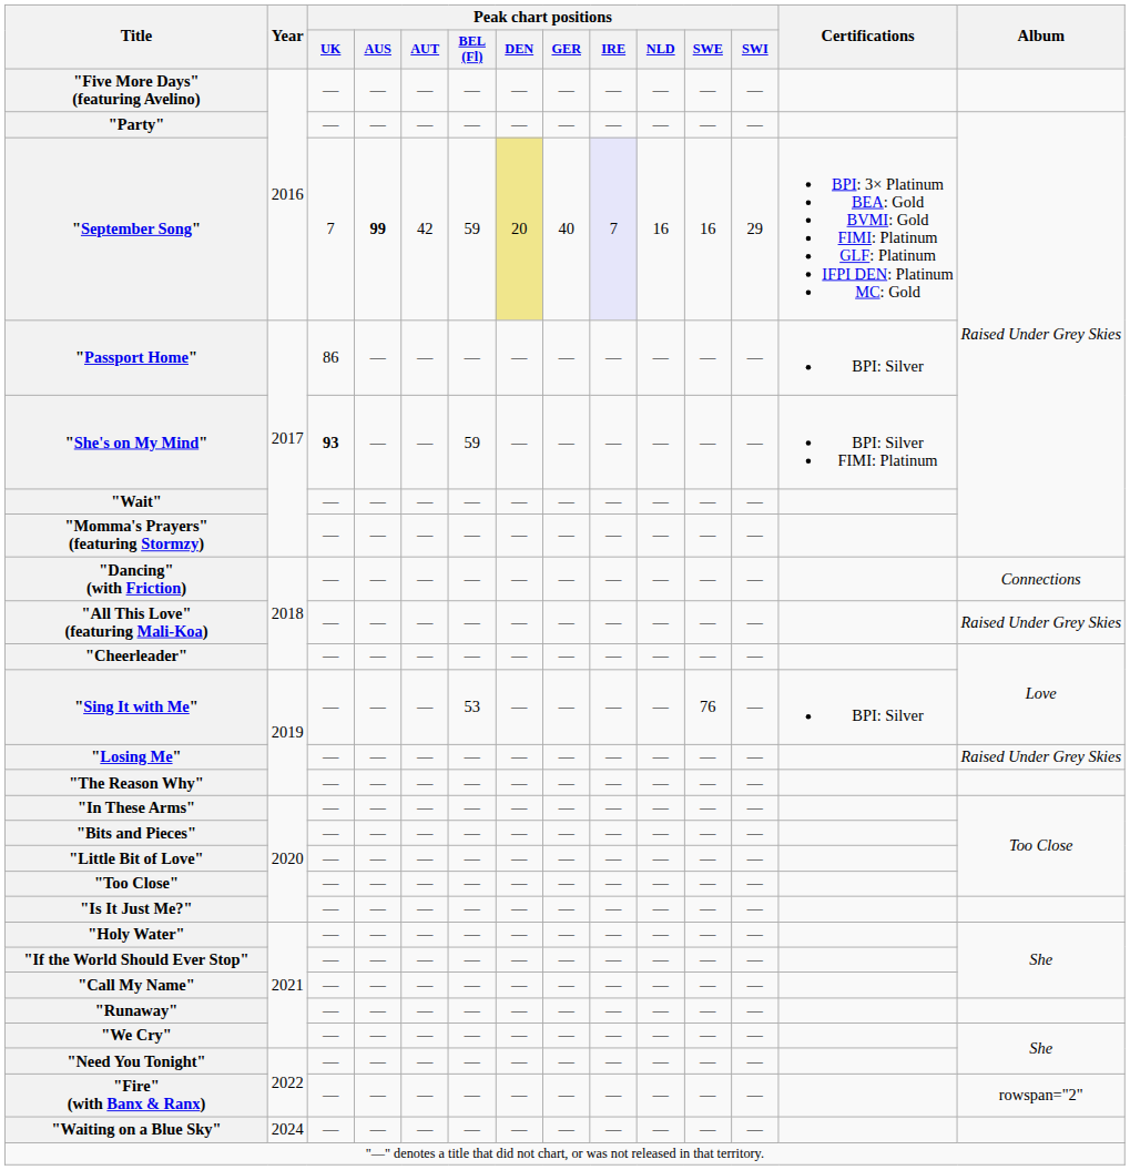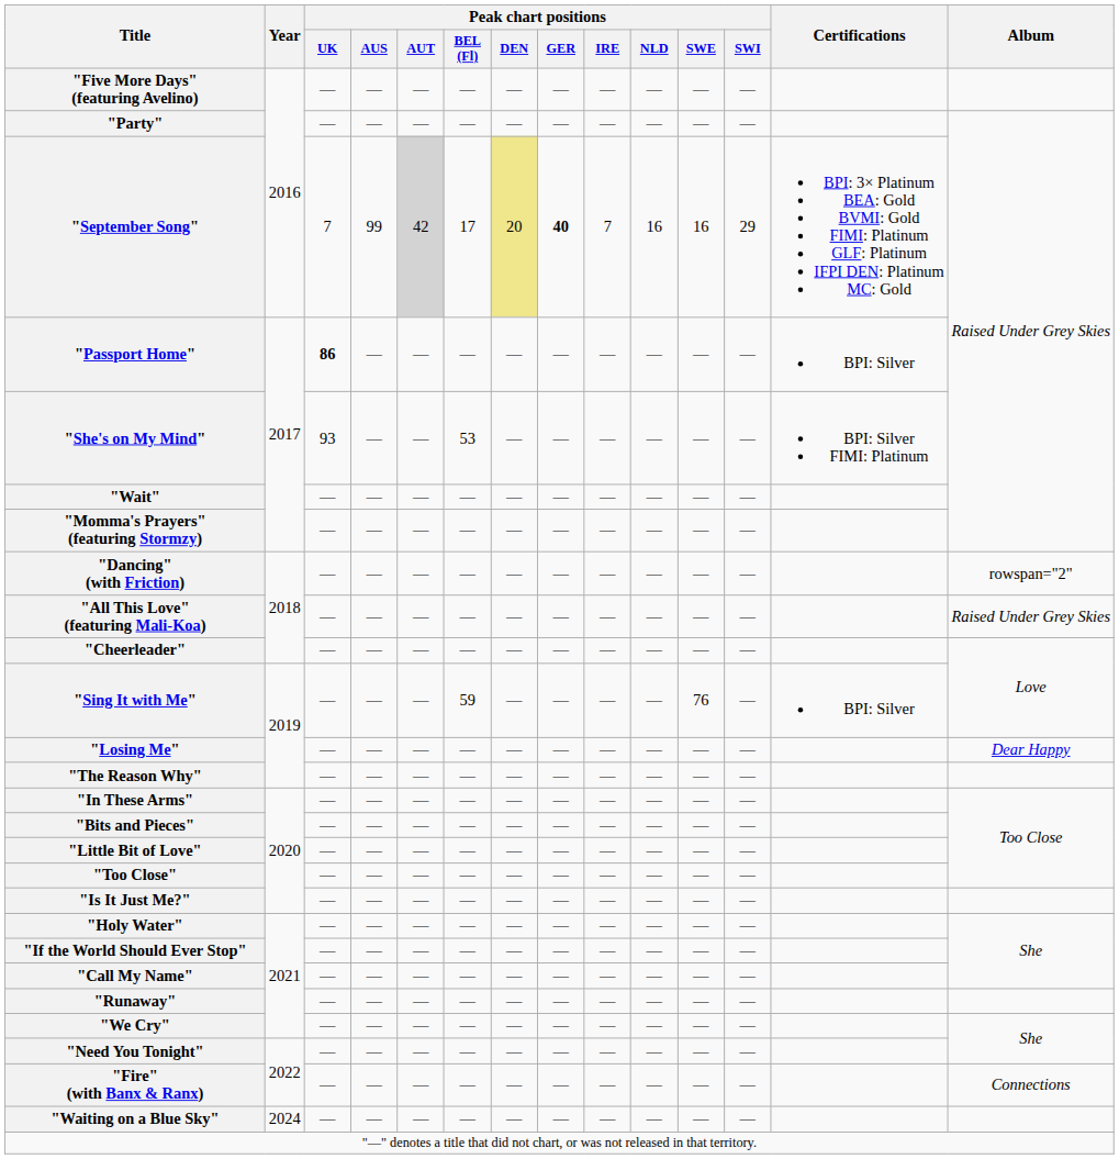 <table class="wikitable plainrowheaders" style="text-align:center;">
 <tr>
 <th scope="col" rowspan="2" style="width:16em;">Title</th>
 <th scope="col" rowspan="2" style="width:1em;">Year</th>
 <th scope="col" colspan="10">Peak chart positions</th>
 <th scope="col" rowspan="2">Certifications</th>
 <th scope="col" rowspan="2">Album</th>
 </tr>
 <tr>
 <th scope="col" style="width:3em;font-size:85%"><a href='#'>UK</a><br></th>
 <th scope="col" style="width:3em;font-size:85%"><a href='#'>AUS</a><br></th>
 <th scope="col" style="width:3em;font-size:85%;"><a href='#'>AUT</a><br></th>
 <th scope="col" style="width:3em;font-size:85%;"><a href='#'>BEL<br>(Fl)</a><br></th>
 <th scope="col" style="width:3em;font-size:85%;"><a href='#'>DEN</a><br></th>
 <th scope="col" style="width:3em;font-size:85%;"><a href='#'>GER</a><br></th>
 <th scope="col" style="width:3em;font-size:85%;"><a href='#'>IRE</a><br></th>
 <th scope="col" style="width:3em;font-size:85%;"><a href='#'>NLD</a><br></th>
 <th scope="col" style="width:3em;font-size:85%;"><a href='#'>SWE</a><br></th>
 <th scope="col" style="width:3em;font-size:85%;"><a href='#'>SWI</a><br></th>
 </tr>
 <tr>
 <th scope="row">"Five More Days"<br><span>(featuring Avelino)</span></th>
 <td rowspan="3">2016</td>
 <td>—</td>
 <td>—</td>
 <td>—</td>
 <td>—</td>
 <td>—</td>
 <td>—</td>
 <td>—</td>
 <td>—</td>
 <td>—</td>
 <td>—</td>
 <td></td>
 <td></td>
 </tr>
 <tr>
 <th scope="row">"Party"</th>
 <td>—</td>
 <td>—</td>
 <td>—</td>
 <td>—</td>
 <td>—</td>
 <td>—</td>
 <td>—</td>
 <td>—</td>
 <td>—</td>
 <td>—</td>
 <td></td>
 <td rowspan="6"><em>Raised Under Grey Skies</em></td>
 </tr>
 <tr>
 <th scope="row">"<a href='#'>September Song</a>"</th>
 <td>7</td>
-<td><strong>99</strong></td>
-<td>42</td>
-<td>59</td>
+<td>99</td>
+<td style="background: lightgrey;">42</td>
+<td>17</td>
 <td style="background: khaki;">20</td>
-<td>40</td>
-<td style="background: lavender;">7</td>
+<td><strong>40</strong></td>
+<td>7</td>
 <td>16</td>
 <td>16</td>
 <td>29</td>
 <td><br><ul><li><a href='#'>BPI</a>: 3× Platinum</li><li><a href='#'>BEA</a>: Gold</li><li><a href='#'>BVMI</a>: Gold</li><li><a href='#'>FIMI</a>: Platinum</li><li><a href='#'>GLF</a>: Platinum</li><li><a href='#'>IFPI DEN</a>: Platinum</li><li><a href='#'>MC</a>: Gold</li></ul></td>
 </tr>
 <tr>
 <th scope="row">"<a href='#'>Passport Home</a>"</th>
 <td rowspan="4">2017</td>
-<td>86</td>
+<td><strong>86</strong></td>
 <td>—</td>
 <td>—</td>
 <td>—</td>
 <td>—</td>
 <td>—</td>
 <td>—</td>
 <td>—</td>
 <td>—</td>
 <td>—</td>
 <td><br><ul><li>BPI: Silver</li></ul></td>
 </tr>
 <tr>
 <th scope="row">"<a href='#'>She's on My Mind</a>"</th>
-<td><strong>93</strong></td>
+<td>93</td>
 <td>—</td>
 <td>—</td>
-<td>59</td>
+<td>53</td>
 <td>—</td>
 <td>—</td>
 <td>—</td>
 <td>—</td>
 <td>—</td>
 <td>—</td>
 <td><br><ul><li>BPI: Silver</li><li>FIMI: Platinum</li></ul></td>
 </tr>
 <tr>
 <th scope="row">"Wait"</th>
 <td>—</td>
 <td>—</td>
 <td>—</td>
 <td>—</td>
 <td>—</td>
 <td>—</td>
 <td>—</td>
 <td>—</td>
 <td>—</td>
 <td>—</td>
 <td></td>
 </tr>
 <tr>
 <th scope="row">"Momma's Prayers"<br><span>(featuring <a href='#'>Stormzy</a>)</span></th>
 <td>—</td>
 <td>—</td>
 <td>—</td>
 <td>—</td>
 <td>—</td>
 <td>—</td>
 <td>—</td>
 <td>—</td>
 <td>—</td>
 <td>—</td>
 <td></td>
 </tr>
 <tr>
 <th scope="row">"Dancing"<br><span>(with <a href='#'>Friction</a>)</span></th>
 <td rowspan="3">2018</td>
 <td>—</td>
 <td>—</td>
 <td>—</td>
 <td>—</td>
 <td>—</td>
 <td>—</td>
 <td>—</td>
 <td>—</td>
 <td>—</td>
 <td>—</td>
 <td></td>
-<td><em>Connections</em></td>
+<td>rowspan="2" </td>
 </tr>
 <tr>
 <th scope="row">"All This Love"<br><span>(featuring <a href='#'>Mali-Koa</a>)</span></th>
 <td>—</td>
 <td>—</td>
 <td>—</td>
 <td>—</td>
 <td>—</td>
 <td>—</td>
 <td>—</td>
 <td>—</td>
 <td>—</td>
 <td>—</td>
 <td></td>
 <td><em>Raised Under Grey Skies</em></td>
 </tr>
 <tr>
 <th scope="row">"Cheerleader"</th>
 <td>—</td>
 <td>—</td>
 <td>—</td>
 <td>—</td>
 <td>—</td>
 <td>—</td>
 <td>—</td>
 <td>—</td>
 <td>—</td>
 <td>—</td>
 <td></td>
 <td rowspan="2"><em>Love</em></td>
 </tr>
 <tr>
 <th scope="row">"<a href='#'>Sing It with Me</a>"<br></th>
 <td rowspan="3">2019</td>
 <td>—</td>
 <td>—</td>
 <td>—</td>
-<td>53</td>
+<td>59</td>
 <td>—</td>
 <td>—</td>
 <td>—</td>
 <td>—</td>
 <td>76</td>
 <td>—</td>
 <td><br><ul><li>BPI: Silver</li></ul></td>
 </tr>
 <tr>
 <th scope="row">"<a href='#'>Losing Me</a>"<br></th>
 <td>—</td>
 <td>—</td>
 <td>—</td>
 <td>—</td>
 <td>—</td>
 <td>—</td>
 <td>—</td>
 <td>—</td>
 <td>—</td>
 <td>—</td>
 <td></td>
-<td><em>Raised Under Grey Skies</em></td>
+<td><em><a href='#'>Dear Happy</a></em></td>
 </tr>
 <tr>
 <th scope="row">"The Reason Why"<br></th>
 <td>—</td>
 <td>—</td>
 <td>—</td>
 <td>—</td>
 <td>—</td>
 <td>—</td>
 <td>—</td>
 <td>—</td>
 <td>—</td>
 <td>—</td>
 <td></td>
 <td></td>
 </tr>
 <tr>
 <th scope="row">"In These Arms"</th>
 <td rowspan="5">2020</td>
 <td>—</td>
 <td>—</td>
 <td>—</td>
 <td>—</td>
 <td>—</td>
 <td>—</td>
 <td>—</td>
 <td>—</td>
 <td>—</td>
 <td>—</td>
 <td></td>
 <td rowspan="4"><em>Too Close</em></td>
 </tr>
 <tr>
 <th scope="row">"Bits and Pieces"</th>
 <td>—</td>
 <td>—</td>
 <td>—</td>
 <td>—</td>
 <td>—</td>
 <td>—</td>
 <td>—</td>
 <td>—</td>
 <td>—</td>
 <td>—</td>
 <td></td>
 </tr>
 <tr>
 <th scope="row">"Little Bit of Love"</th>
 <td>—</td>
 <td>—</td>
 <td>—</td>
 <td>—</td>
 <td>—</td>
 <td>—</td>
 <td>—</td>
 <td>—</td>
 <td>—</td>
 <td>—</td>
 <td></td>
 </tr>
 <tr>
 <th scope="row">"Too Close"</th>
 <td>—</td>
 <td>—</td>
 <td>—</td>
 <td>—</td>
 <td>—</td>
 <td>—</td>
 <td>—</td>
 <td>—</td>
 <td>—</td>
 <td>—</td>
 <td></td>
 </tr>
 <tr>
 <th scope="row">"Is It Just Me?"<br></th>
 <td>—</td>
 <td>—</td>
 <td>—</td>
 <td>—</td>
 <td>—</td>
 <td>—</td>
 <td>—</td>
 <td>—</td>
 <td>—</td>
 <td>—</td>
 <td></td>
 <td></td>
 </tr>
 <tr>
 <th scope="row">"Holy Water"</th>
 <td rowspan="5">2021</td>
 <td>—</td>
 <td>—</td>
 <td>—</td>
 <td>—</td>
 <td>—</td>
 <td>—</td>
 <td>—</td>
 <td>—</td>
 <td>—</td>
 <td>—</td>
 <td></td>
 <td rowspan="3"><em>She</em></td>
 </tr>
 <tr>
 <th scope="row">"If the World Should Ever Stop"</th>
 <td>—</td>
 <td>—</td>
 <td>—</td>
 <td>—</td>
 <td>—</td>
 <td>—</td>
 <td>—</td>
 <td>—</td>
 <td>—</td>
 <td>—</td>
 <td></td>
 </tr>
 <tr>
 <th scope="row">"Call My Name"</th>
 <td>—</td>
 <td>—</td>
 <td>—</td>
 <td>—</td>
 <td>—</td>
 <td>—</td>
 <td>—</td>
 <td>—</td>
 <td>—</td>
 <td>—</td>
 <td></td>
 </tr>
 <tr>
 <th scope="row">"Runaway"<br></th>
 <td>—</td>
 <td>—</td>
 <td>—</td>
 <td>—</td>
 <td>—</td>
 <td>—</td>
 <td>—</td>
 <td>—</td>
 <td>—</td>
 <td>―</td>
 <td></td>
 <td></td>
 </tr>
 <tr>
 <th scope="row">"We Cry"</th>
 <td>—</td>
 <td>—</td>
 <td>—</td>
 <td>—</td>
 <td>—</td>
 <td>—</td>
 <td>—</td>
 <td>—</td>
 <td>—</td>
 <td>—</td>
 <td></td>
 <td rowspan="2"><em>She</em></td>
 </tr>
 <tr>
 <th scope="row">"Need You Tonight"<br></th>
 <td rowspan="2">2022</td>
 <td>—</td>
 <td>—</td>
 <td>—</td>
 <td>—</td>
 <td>—</td>
 <td>—</td>
 <td>—</td>
 <td>—</td>
 <td>—</td>
 <td>—</td>
 <td></td>
 </tr>
 <tr>
 <th scope="row">"Fire"<br><span>(with <a href='#'>Banx & Ranx</a>)</span></th>
 <td>—</td>
 <td>—</td>
 <td>—</td>
 <td>—</td>
 <td>—</td>
 <td>—</td>
 <td>—</td>
 <td>—</td>
 <td>—</td>
 <td>—</td>
 <td></td>
-<td>rowspan="2" </td>
+<td><em>Connections</em></td>
 </tr>
 <tr>
 <th scope="row">"Waiting on a Blue Sky"</th>
 <td>2024</td>
 <td>—</td>
 <td>—</td>
 <td>—</td>
 <td>—</td>
 <td>—</td>
 <td>—</td>
 <td>—</td>
 <td>—</td>
 <td>—</td>
 <td>—</td>
 <td></td>
 </tr>
 <tr>
 <td colspan="14" style="font-size:85%;">"—" denotes a title that did not chart, or was not released in that territory.</td>
 </tr>
 </table>
